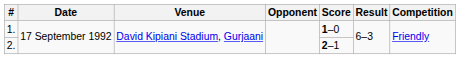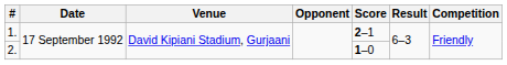 <table class="wikitable">
 <tr>
 <th>#</th>
 <th>Date</th>
 <th>Venue</th>
 <th>Opponent</th>
 <th>Score</th>
 <th>Result</th>
 <th>Competition</th>
 </tr>
 <tr>
 <td>1.</td>
 <td rowspan="2">17 September 1992</td>
 <td rowspan="2"><a href='#'>David Kipiani Stadium</a>, <a href='#'>Gurjaani</a></td>
 <td rowspan="2"></td>
-<td><strong>1</strong>–0</td>
+<td><strong>2</strong>–1</td>
 <td rowspan="2">6–3</td>
 <td rowspan="2"><a href='#'>Friendly</a></td>
 </tr>
 <tr>
 <td>2.</td>
-<td><strong>2</strong>–1</td>
+<td><strong>1</strong>–0</td>
 </tr>
 </table>
